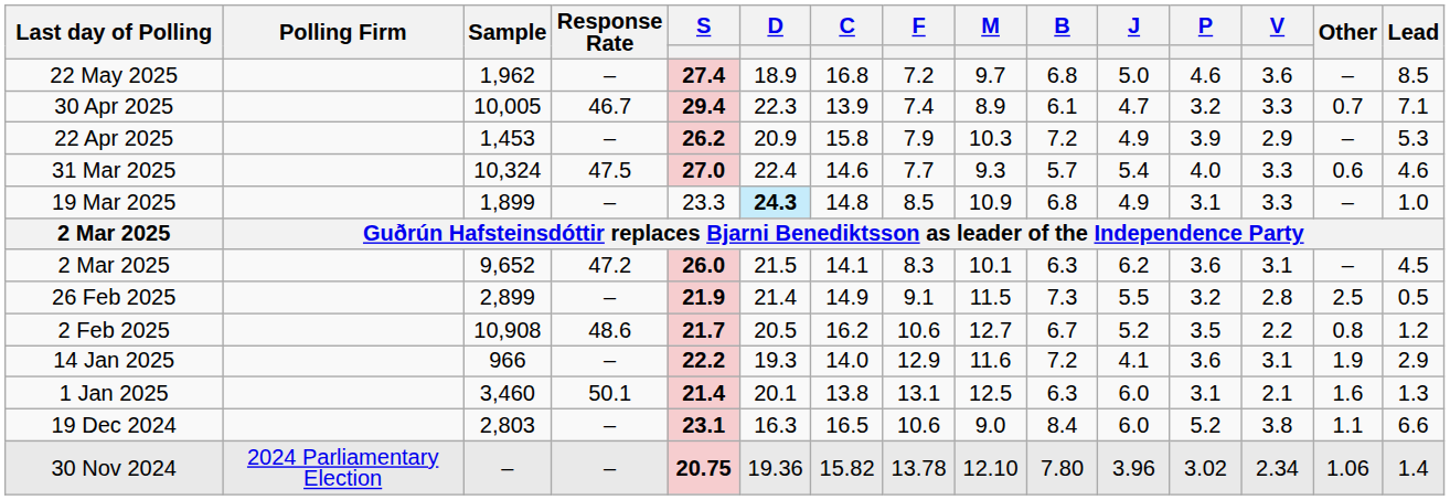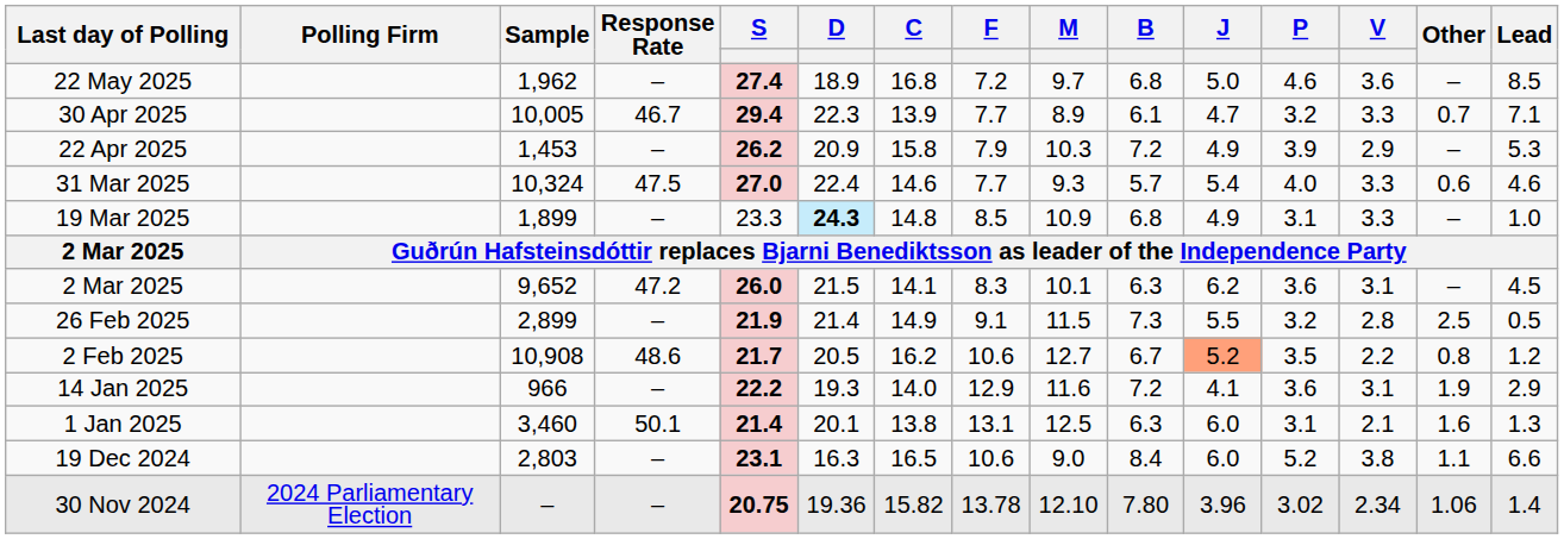 <table class="wikitable sortable" style="text-align:center;font-size:90%;line-height:14px;">
 <tr>
 <th rowspan="2" style="width:135px;">Last day of Polling</th>
 <th rowspan="2" style="width:150px;">Polling Firm</th>
 <th rowspan="2" style="width:35px;">Sample</th>
 <th rowspan="2" style="width:30px;">Response Rate</th>
 <th class="unsortable" style="width:40px;"><a href='#'>S</a></th>
 <th class="unsortable" style="width:40px;"><a href='#'>D</a></th>
 <th class="unsortable" style="width:40px;"><a href='#'>C</a></th>
 <th class="unsortable" style="width:40px;"><a href='#'>F</a></th>
 <th class="unsortable" style="width:40px;"><a href='#'>M</a></th>
 <th class="unsortable" style="width:40px;"><a href='#'>B</a></th>
 <th class="unsortable" style="width:40px;"><a href='#'>J</a></th>
 <th class="unsortable" style="width:40px;"><a href='#'>P</a></th>
 <th class="unsortable" style="width:40px;"><a href='#'>V</a></th>
 <th rowspan="2" style="width:30px;">Other</th>
 <th rowspan="2" style="width:30px;">Lead</th>
 </tr>
 <tr>
 <th style="background:"></th>
 <th style="background:"></th>
 <th style="background:"></th>
 <th style="background:"></th>
 <th style="background:"></th>
 <th style="background:"></th>
 <th style="background:"></th>
 <th style="background:"></th>
 <th style="background:"></th>
 </tr>
 <tr>
 <td>22 May 2025</td>
 <td></td>
 <td>1,962</td>
 <td>–</td>
 <td style="background:#F6CDCF;"><strong>27.4</strong></td>
 <td>18.9</td>
 <td>16.8</td>
 <td>7.2</td>
 <td>9.7</td>
 <td>6.8</td>
 <td>5.0</td>
 <td>4.6</td>
 <td>3.6</td>
 <td>–</td>
 <td style="background:">8.5</td>
 </tr>
 <tr>
 <td>30 Apr 2025</td>
 <td></td>
 <td>10,005</td>
 <td>46.7</td>
 <td style="background:#F6CDCF;"><strong>29.4</strong></td>
 <td>22.3</td>
 <td>13.9</td>
-<td>7.4</td>
+<td>7.7</td>
 <td>8.9</td>
 <td>6.1</td>
 <td>4.7</td>
 <td>3.2</td>
 <td>3.3</td>
 <td>0.7</td>
 <td style="background:">7.1</td>
 </tr>
 <tr>
 <td>22 Apr 2025</td>
 <td></td>
 <td>1,453</td>
 <td>–</td>
 <td style="background:#F6CDCF;"><strong>26.2</strong></td>
 <td>20.9</td>
 <td>15.8</td>
 <td>7.9</td>
 <td>10.3</td>
 <td>7.2</td>
 <td>4.9</td>
 <td>3.9</td>
 <td>2.9</td>
 <td>–</td>
 <td style="background:">5.3</td>
 </tr>
 <tr>
 <td>31 Mar 2025</td>
 <td></td>
 <td>10,324</td>
 <td>47.5</td>
 <td style="background:#F6CDCF;"><strong>27.0</strong></td>
 <td>22.4</td>
 <td>14.6</td>
 <td>7.7</td>
 <td>9.3</td>
 <td>5.7</td>
 <td>5.4</td>
 <td>4.0</td>
 <td>3.3</td>
 <td>0.6</td>
 <td style="background:">4.6</td>
 </tr>
 <tr>
 <td>19 Mar 2025</td>
 <td></td>
 <td>1,899</td>
 <td>–</td>
 <td>23.3</td>
 <td style="background:#C6ECFB;"><strong>24.3</strong></td>
 <td>14.8</td>
 <td>8.5</td>
 <td>10.9</td>
 <td>6.8</td>
 <td>4.9</td>
 <td>3.1</td>
 <td>3.3</td>
 <td>–</td>
 <td style="background:">1.0</td>
 </tr>
 <tr>
 <th>2 Mar 2025</th>
 <th colspan="14"><a href='#'>Guðrún Hafsteinsdóttir</a> replaces <a href='#'>Bjarni Benediktsson</a> as leader of the <a href='#'>Independence Party</a></th>
 </tr>
 <tr>
 <td>2 Mar 2025</td>
 <td></td>
 <td>9,652</td>
 <td>47.2</td>
 <td style="background:#F6CDCF;"><strong>26.0</strong></td>
 <td>21.5</td>
 <td>14.1</td>
 <td>8.3</td>
 <td>10.1</td>
 <td>6.3</td>
 <td>6.2</td>
 <td>3.6</td>
 <td>3.1</td>
 <td>–</td>
 <td style="background:">4.5</td>
 </tr>
 <tr>
 <td>26 Feb 2025</td>
 <td></td>
 <td>2,899</td>
 <td>–</td>
 <td style="background:#F6CDCF;"><strong>21.9</strong></td>
 <td>21.4</td>
 <td>14.9</td>
 <td>9.1</td>
 <td>11.5</td>
 <td>7.3</td>
 <td>5.5</td>
 <td>3.2</td>
 <td>2.8</td>
 <td>2.5</td>
 <td style="background:">0.5</td>
 </tr>
 <tr>
 <td>2 Feb 2025</td>
 <td></td>
 <td>10,908</td>
 <td>48.6</td>
 <td style="background:#F6CDCF;"><strong>21.7</strong></td>
 <td>20.5</td>
 <td>16.2</td>
 <td>10.6</td>
 <td>12.7</td>
 <td>6.7</td>
-<td>5.2</td>
+<td style="background: lightsalmon;">5.2</td>
 <td>3.5</td>
 <td>2.2</td>
 <td>0.8</td>
 <td style="background:">1.2</td>
 </tr>
 <tr>
 <td>14 Jan 2025</td>
 <td></td>
 <td>966</td>
 <td>–</td>
 <td style="background:#F6CDCF;"><strong>22.2</strong></td>
 <td>19.3</td>
 <td>14.0</td>
 <td>12.9</td>
 <td>11.6</td>
 <td>7.2</td>
 <td>4.1</td>
 <td>3.6</td>
 <td>3.1</td>
 <td>1.9</td>
 <td style="background:">2.9</td>
 </tr>
 <tr>
 <td>1 Jan 2025</td>
 <td></td>
 <td>3,460</td>
 <td>50.1</td>
 <td style="background:#F6CDCF;"><strong>21.4</strong></td>
 <td>20.1</td>
 <td>13.8</td>
 <td>13.1</td>
 <td>12.5</td>
 <td>6.3</td>
 <td>6.0</td>
 <td>3.1</td>
 <td>2.1</td>
 <td>1.6</td>
 <td style="background:">1.3</td>
 </tr>
 <tr>
 <td>19 Dec 2024</td>
 <td></td>
 <td>2,803</td>
 <td>–</td>
 <td style="background:#F6CDCF;"><strong>23.1</strong></td>
 <td>16.3</td>
 <td>16.5</td>
 <td>10.6</td>
 <td>9.0</td>
 <td>8.4</td>
 <td>6.0</td>
 <td>5.2</td>
 <td>3.8</td>
 <td>1.1</td>
 <td style="background:">6.6</td>
 </tr>
 <tr style="background:#E9E9E9;">
 <td>30 Nov 2024</td>
 <td><a href='#'>2024 Parliamentary Election</a></td>
 <td>–</td>
 <td>–</td>
 <td style="background:#F6CDCF;"><strong>20.75</strong></td>
 <td>19.36</td>
 <td>15.82</td>
 <td>13.78</td>
 <td>12.10</td>
 <td>7.80</td>
 <td>3.96</td>
 <td>3.02</td>
 <td>2.34</td>
 <td>1.06</td>
 <td style="background:">1.4</td>
 </tr>
 </table>
